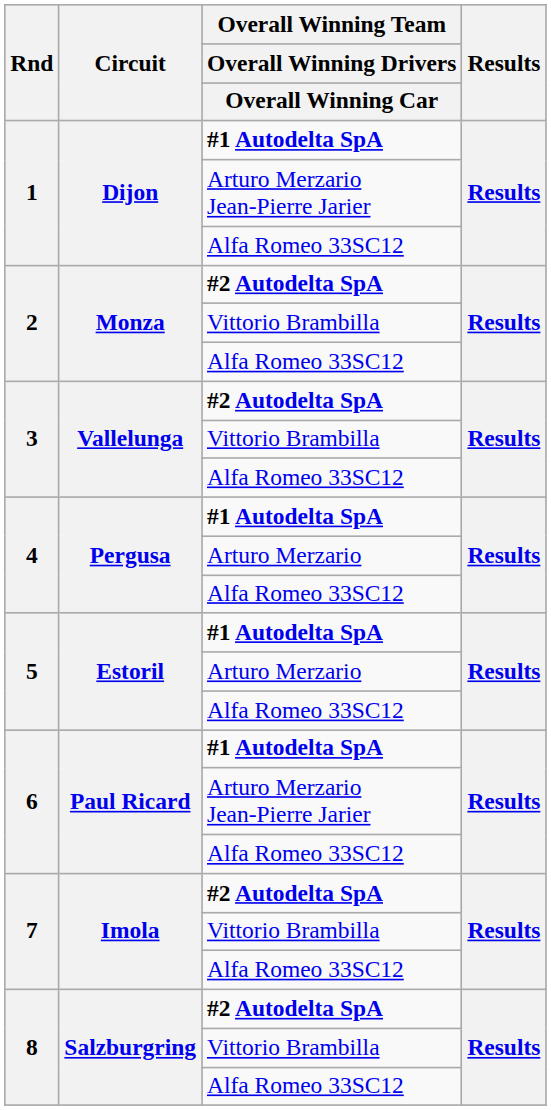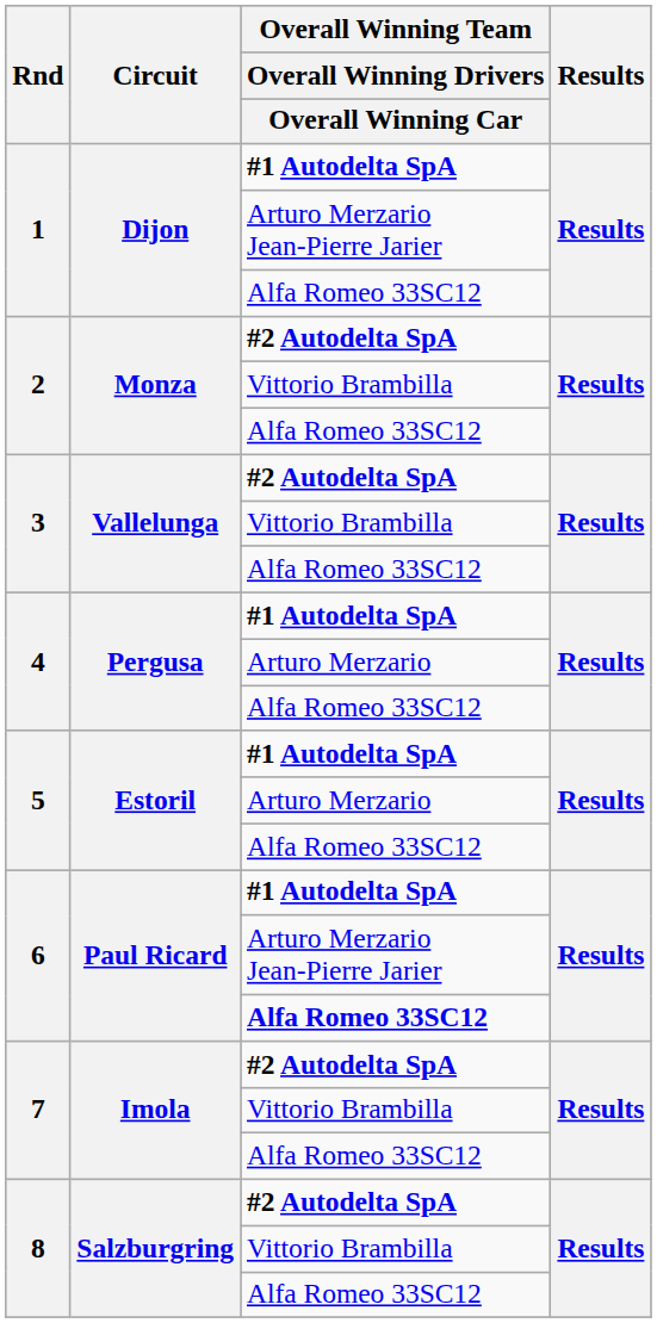 <table class="wikitable" style="font-size: 90%;">
 <tr>
 <th rowspan=3>Rnd</th>
 <th rowspan=3>Circuit</th>
 <th>Overall Winning Team</th>
 <th rowspan=3>Results</th>
 </tr>
 <tr>
 <th>Overall Winning Drivers</th>
 </tr>
 <tr>
 <th>Overall Winning Car</th>
 </tr>
 <tr>
 <th rowspan=3>1</th>
 <th rowspan=3><a href='#'>Dijon</a></th>
 <td> <strong>#1 <a href='#'>Autodelta SpA</a></strong></td>
 <th rowspan=3><a href='#'>Results</a></th>
 </tr>
 <tr>
 <td> <a href='#'>Arturo Merzario</a><br> <a href='#'>Jean-Pierre Jarier</a></td>
 </tr>
 <tr>
 <td><a href='#'>Alfa Romeo 33SC12</a></td>
 </tr>
 <tr>
 <th rowspan=3>2</th>
 <th rowspan=3><a href='#'>Monza</a></th>
 <td> <strong>#2 <a href='#'>Autodelta SpA</a></strong></td>
 <th rowspan=3><a href='#'>Results</a></th>
 </tr>
 <tr>
 <td> <a href='#'>Vittorio Brambilla</a></td>
 </tr>
 <tr>
 <td><a href='#'>Alfa Romeo 33SC12</a></td>
 </tr>
 <tr>
 <th rowspan=3>3</th>
 <th rowspan=3><a href='#'>Vallelunga</a></th>
 <td> <strong>#2 <a href='#'>Autodelta SpA</a></strong></td>
 <th rowspan=3><a href='#'>Results</a></th>
 </tr>
 <tr>
 <td> <a href='#'>Vittorio Brambilla</a></td>
 </tr>
 <tr>
 <td><a href='#'>Alfa Romeo 33SC12</a></td>
 </tr>
 <tr>
 <th rowspan=3>4</th>
 <th rowspan=3><a href='#'>Pergusa</a></th>
 <td> <strong>#1 <a href='#'>Autodelta SpA</a></strong></td>
 <th rowspan=3><a href='#'>Results</a></th>
 </tr>
 <tr>
 <td> <a href='#'>Arturo Merzario</a></td>
 </tr>
 <tr>
 <td><a href='#'>Alfa Romeo 33SC12</a></td>
 </tr>
 <tr>
 <th rowspan=3>5</th>
 <th rowspan=3><a href='#'>Estoril</a></th>
 <td> <strong>#1 <a href='#'>Autodelta SpA</a></strong></td>
 <th rowspan=3><a href='#'>Results</a></th>
 </tr>
 <tr>
 <td> <a href='#'>Arturo Merzario</a></td>
 </tr>
 <tr>
 <td><a href='#'>Alfa Romeo 33SC12</a></td>
 </tr>
 <tr>
 <th rowspan=3>6</th>
 <th rowspan=3><a href='#'>Paul Ricard</a></th>
 <td> <strong>#1 <a href='#'>Autodelta SpA</a></strong></td>
 <th rowspan=3><a href='#'>Results</a></th>
 </tr>
 <tr>
 <td> <a href='#'>Arturo Merzario</a><br> <a href='#'>Jean-Pierre Jarier</a></td>
 </tr>
 <tr>
-<td><a href='#'>Alfa Romeo 33SC12</a></td>
+<td><strong><a href='#'>Alfa Romeo 33SC12</a></strong></td>
 </tr>
 <tr>
 <th rowspan=3>7</th>
 <th rowspan=3><a href='#'>Imola</a></th>
 <td> <strong>#2 <a href='#'>Autodelta SpA</a></strong></td>
 <th rowspan=3><a href='#'>Results</a></th>
 </tr>
 <tr>
 <td> <a href='#'>Vittorio Brambilla</a></td>
 </tr>
 <tr>
 <td><a href='#'>Alfa Romeo 33SC12</a></td>
 </tr>
 <tr>
 <th rowspan=3>8</th>
 <th rowspan=3><a href='#'>Salzburgring</a></th>
 <td> <strong>#2 <a href='#'>Autodelta SpA</a></strong></td>
 <th rowspan=3><a href='#'>Results</a></th>
 </tr>
 <tr>
 <td> <a href='#'>Vittorio Brambilla</a></td>
 </tr>
 <tr>
 <td><a href='#'>Alfa Romeo 33SC12</a></td>
 </tr>
 </table>
